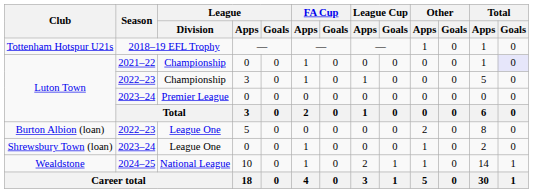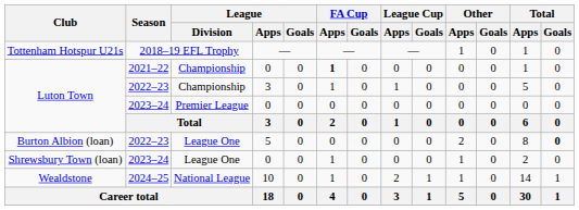 <table class="wikitable" style="text-align:center">
 <tr>
 <th rowspan="2">Club</th>
 <th rowspan="2">Season</th>
 <th colspan="3">League</th>
 <th colspan="2"><a href='#'>FA Cup</a></th>
 <th colspan="2">League Cup</th>
 <th colspan="2">Other</th>
 <th colspan="2">Total</th>
 </tr>
 <tr>
 <th>Division</th>
 <th>Apps</th>
 <th>Goals</th>
 <th>Apps</th>
 <th>Goals</th>
 <th>Apps</th>
 <th>Goals</th>
 <th>Apps</th>
 <th>Goals</th>
 <th>Apps</th>
 <th>Goals</th>
 </tr>
 <tr>
 <td><a href='#'>Tottenham Hotspur U21s</a></td>
 <td colspan="2"><a href='#'>2018–19 EFL Trophy</a></td>
 <td colspan="2">—</td>
 <td colspan="2">—</td>
 <td colspan="2">—</td>
 <td>1</td>
 <td>0</td>
 <td>1</td>
 <td>0</td>
 </tr>
 <tr>
 <td rowspan=4><a href='#'>Luton Town</a></td>
 <td><a href='#'>2021–22</a></td>
 <td><a href='#'>Championship</a></td>
 <td>0</td>
 <td>0</td>
-<td>1</td>
+<td><strong>1</strong></td>
 <td>0</td>
 <td>0</td>
 <td>0</td>
 <td>0</td>
 <td>0</td>
 <td>1</td>
-<td style="background: lavender;">0</td>
+<td>0</td>
 </tr>
 <tr>
 <td><a href='#'>2022–23</a></td>
 <td>Championship</td>
 <td>3</td>
 <td>0</td>
 <td>1</td>
 <td>0</td>
 <td>1</td>
 <td>0</td>
 <td>0</td>
 <td>0</td>
 <td>5</td>
 <td>0</td>
 </tr>
 <tr>
 <td><a href='#'>2023–24</a></td>
 <td><a href='#'>Premier League</a></td>
 <td>0</td>
 <td>0</td>
 <td>0</td>
 <td>0</td>
 <td>0</td>
 <td>0</td>
 <td>0</td>
 <td>0</td>
 <td>0</td>
 <td>0</td>
 </tr>
 <tr>
 <th colspan=2>Total</th>
 <th>3</th>
 <th>0</th>
 <th>2</th>
 <th>0</th>
 <th>1</th>
 <th>0</th>
 <th>0</th>
 <th>0</th>
 <th>6</th>
 <th>0</th>
 </tr>
 <tr>
 <td><a href='#'>Burton Albion</a> (loan)</td>
 <td><a href='#'>2022–23</a></td>
 <td><a href='#'>League One</a></td>
 <td>5</td>
 <td>0</td>
 <td>0</td>
 <td>0</td>
 <td>0</td>
 <td>0</td>
 <td>2</td>
 <td>0</td>
 <td>8</td>
-<td>0</td>
+<td><strong>0</strong></td>
 </tr>
 <tr>
 <td><a href='#'>Shrewsbury Town</a> (loan)</td>
 <td><a href='#'>2023–24</a></td>
 <td>League One</td>
 <td>0</td>
 <td>0</td>
 <td>1</td>
 <td>0</td>
 <td>0</td>
 <td>0</td>
 <td>1</td>
 <td>0</td>
 <td>2</td>
 <td>0</td>
 </tr>
 <tr>
 <td><a href='#'>Wealdstone</a></td>
 <td><a href='#'>2024–25</a></td>
 <td><a href='#'>National League</a></td>
 <td>10</td>
 <td>0</td>
 <td>1</td>
 <td>0</td>
 <td>2</td>
 <td>1</td>
 <td>1</td>
 <td>0</td>
 <td>14</td>
 <td>1</td>
 </tr>
 <tr>
 <th colspan="3">Career total</th>
 <th>18</th>
 <th>0</th>
 <th>4</th>
 <th>0</th>
 <th>3</th>
 <th>1</th>
 <th>5</th>
 <th>0</th>
 <th>30</th>
 <th>1</th>
 </tr>
 </table>
